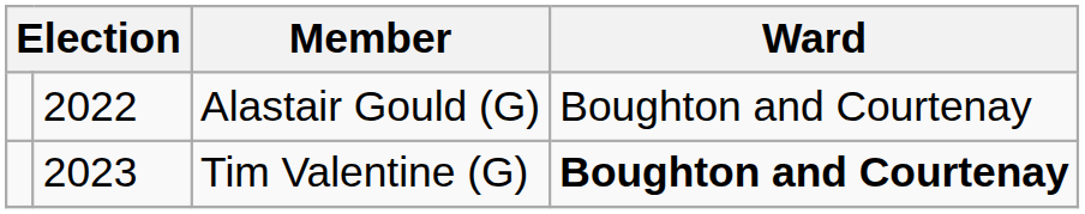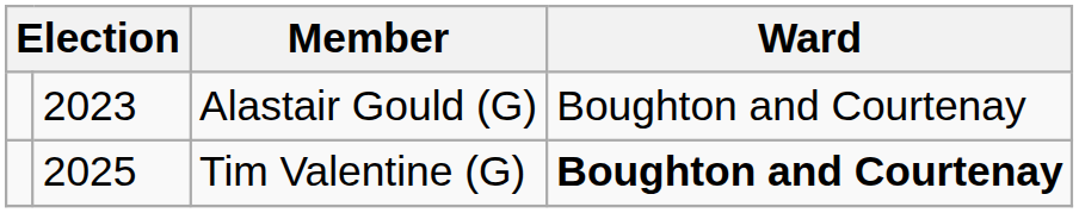 <table class="wikitable">
 <tr>
 <th colspan="2">Election</th>
 <th>Member</th>
 <th>Ward</th>
 </tr>
 <tr>
 <td style="background-color: "></td>
-<td>2022</td>
+<td>2023</td>
 <td>Alastair Gould (G)</td>
 <td>Boughton and Courtenay</td>
 </tr>
 <tr>
 <td style="background-color: "></td>
-<td>2023</td>
+<td>2025</td>
 <td>Tim Valentine (G)</td>
 <td><strong>Boughton and Courtenay</strong></td>
 </tr>
 <tr>
 </tr>
 </table>
